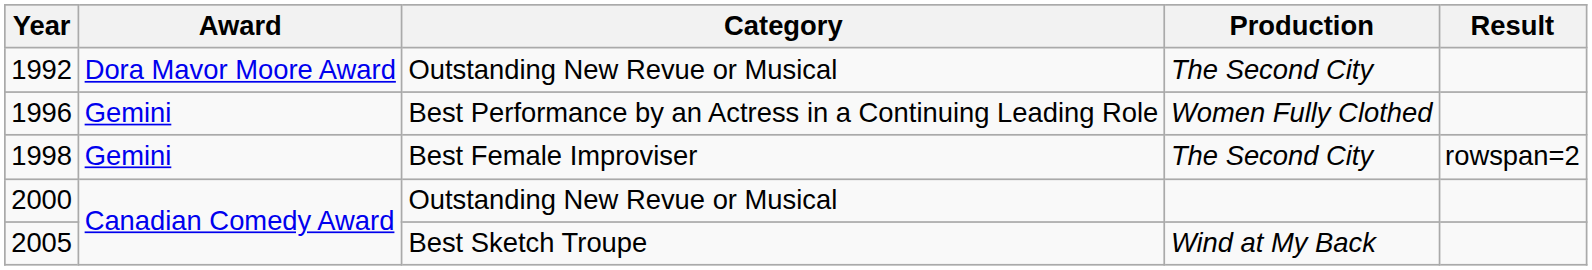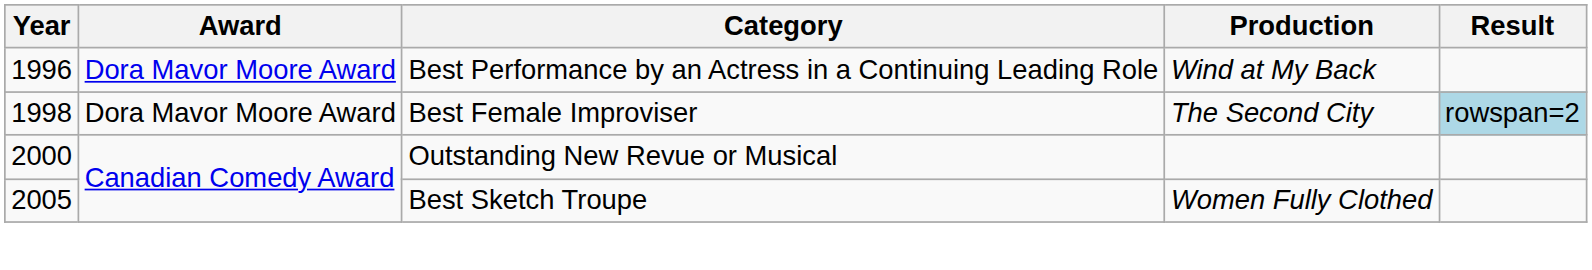 <table class="wikitable sortable">
 <tr>
 <th>Year</th>
 <th>Award</th>
 <th>Category</th>
 <th>Production</th>
 <th>Result</th>
 </tr>
 <tr>
-<td>1992</td>
+<td>1996</td>
 <td><a href='#'>Dora Mavor Moore Award</a></td>
-<td>Outstanding New Revue or Musical</td>
-<td><em>The Second City</em></td>
-<td></td>
-</tr>
-<tr>
-<td>1996</td>
-<td><a href='#'>Gemini</a></td>
 <td>Best Performance by an Actress in a Continuing Leading Role</td>
-<td><em>Women Fully Clothed</em></td>
+<td><em>Wind at My Back</em></td>
 <td></td>
 </tr>
 <tr>
 <td>1998</td>
-<td><a href='#'>Gemini</a></td>
+<td>Dora Mavor Moore Award</td>
 <td>Best Female Improviser</td>
 <td><em>The Second City</em></td>
-<td>rowspan=2 </td>
+<td style="background: lightblue;">rowspan=2 </td>
 </tr>
 <tr>
 <td>2000</td>
 <td rowspan=2><a href='#'>Canadian Comedy Award</a></td>
 <td>Outstanding New Revue or Musical</td>
 <td></td>
 </tr>
 <tr>
 <td>2005</td>
 <td>Best Sketch Troupe</td>
-<td><em>Wind at My Back</em></td>
+<td><em>Women Fully Clothed</em></td>
 <td></td>
 </tr>
 </table>
